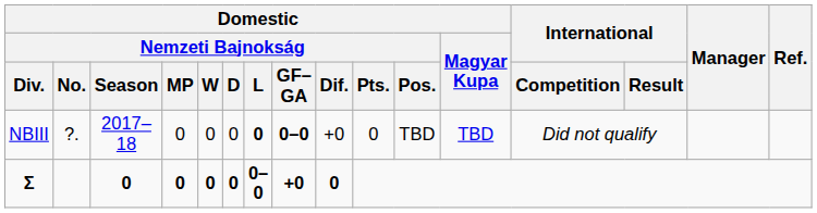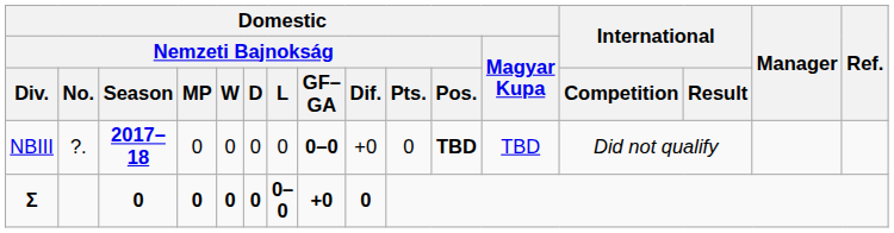 <table class="wikitable"  style="text-align:center">
 <tr>
 <th colspan="12">Domestic</th>
 <th colspan="2" rowspan="2">International</th>
 <th rowspan="3">Manager</th>
 <th rowspan="3">Ref.</th>
 </tr>
 <tr>
 <th colspan="11"><a href='#'>Nemzeti Bajnokság</a></th>
 <th rowspan="2"><a href='#'>Magyar<br>Kupa</a></th>
 </tr>
 <tr>
 <th>Div.</th>
 <th>No.</th>
 <th>Season</th>
 <th>MP</th>
 <th>W</th>
 <th>D</th>
 <th>L</th>
 <th>GF–GA</th>
 <th>Dif.</th>
 <th>Pts.</th>
 <th>Pos.</th>
 <th>Competition</th>
 <th>Result</th>
 </tr>
 <tr>
 <td><a href='#'>NBIII</a></td>
 <td>?.</td>
-<td><a href='#'>2017–18</a></td>
+<td><strong><a href='#'>2017–18</a></strong></td>
 <td>0</td>
 <td>0</td>
 <td>0</td>
-<td><strong>0</strong></td>
+<td>0</td>
 <td><strong>0–0</strong></td>
 <td>+0</td>
 <td>0</td>
-<td>TBD</td>
+<td><strong>TBD</strong></td>
 <td><a href='#'>TBD</a></td>
 <td colspan="2"><em>Did not qualify</em></td>
 <td></td>
 <td></td>
 </tr>
 <tr>
 <td><strong>Σ</strong></td>
 <td></td>
 <td><strong>0</strong></td>
 <td><strong>0</strong></td>
 <td><strong>0</strong></td>
 <td><strong>0</strong></td>
 <td><strong>0–0</strong></td>
 <td><strong>+0</strong></td>
 <td><strong>0</strong></td>
 </tr>
 </table>
